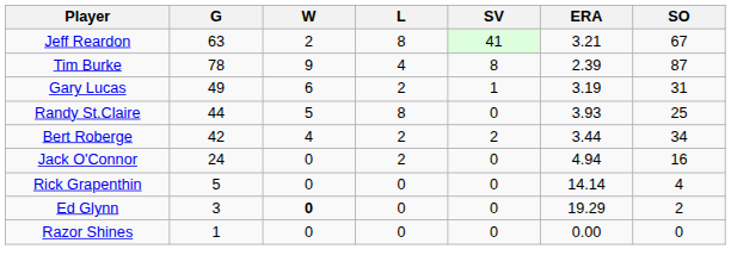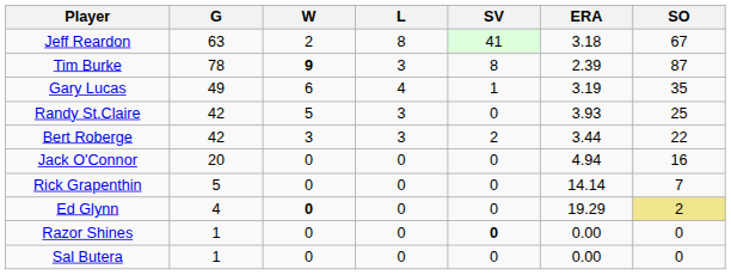 <table class="wikitable sortable">
 <tr>
 <th bgcolor="#DDDDFF" width="16%">Player</th>
 <th bgcolor="#DDDDFF" width="9%">G</th>
 <th bgcolor="#DDDDFF" width="9%">W</th>
 <th bgcolor="#DDDDFF" width="9%">L</th>
 <th bgcolor="#DDDDFF" width="9%">SV</th>
 <th bgcolor="#DDDDFF" width="9%">ERA</th>
 <th bgcolor="#DDDDFF" width="9%">SO</th>
 </tr>
 <tr align="center">
 <td><a href='#'>Jeff Reardon</a></td>
 <td>63</td>
 <td>2</td>
 <td>8</td>
 <td style="background:#DDFFDD;">41</td>
-<td>3.21</td>
+<td>3.18</td>
 <td>67</td>
 </tr>
 <tr align=center>
 <td><a href='#'>Tim Burke</a></td>
 <td>78</td>
-<td>9</td>
-<td>4</td>
+<td><strong>9</strong></td>
+<td>3</td>
 <td>8</td>
 <td>2.39</td>
 <td>87</td>
 </tr>
 <tr align=center>
 <td><a href='#'>Gary Lucas</a></td>
 <td>49</td>
 <td>6</td>
-<td>2</td>
+<td>4</td>
 <td>1</td>
 <td>3.19</td>
-<td>31</td>
+<td>35</td>
 </tr>
 <tr align=center>
 <td><a href='#'>Randy St.Claire</a></td>
-<td>44</td>
+<td>42</td>
 <td>5</td>
-<td>8</td>
+<td>3</td>
 <td>0</td>
 <td>3.93</td>
 <td>25</td>
 </tr>
 <tr align=center>
 <td><a href='#'>Bert Roberge</a></td>
 <td>42</td>
-<td>4</td>
-<td>2</td>
+<td>3</td>
+<td>3</td>
 <td>2</td>
 <td>3.44</td>
-<td>34</td>
+<td>22</td>
 </tr>
 <tr align="center">
 <td><a href='#'>Jack O'Connor</a></td>
-<td>24</td>
+<td>20</td>
 <td>0</td>
-<td>2</td>
+<td>0</td>
 <td>0</td>
 <td>4.94</td>
 <td>16</td>
 </tr>
 <tr align="center">
 <td><a href='#'>Rick Grapenthin</a></td>
 <td>5</td>
 <td>0</td>
 <td>0</td>
 <td>0</td>
 <td>14.14</td>
-<td>4</td>
+<td>7</td>
 </tr>
 <tr align=center>
 <td><a href='#'>Ed Glynn</a></td>
-<td>3</td>
+<td>4</td>
 <td><strong>0</strong></td>
 <td>0</td>
 <td>0</td>
 <td>19.29</td>
-<td>2</td>
+<td style="background: khaki;">2</td>
 </tr>
 <tr align=center>
 <td><a href='#'>Razor Shines</a></td>
+<td>1</td>
+<td>0</td>
+<td>0</td>
+<td><strong>0</strong></td>
+<td>0.00</td>
+<td>0</td>
+</tr>
+<tr align=center>
+<td><a href='#'>Sal Butera</a></td>
 <td>1</td>
 <td>0</td>
 <td>0</td>
 <td>0</td>
 <td>0.00</td>
 <td>0</td>
 </tr>
 </table>
